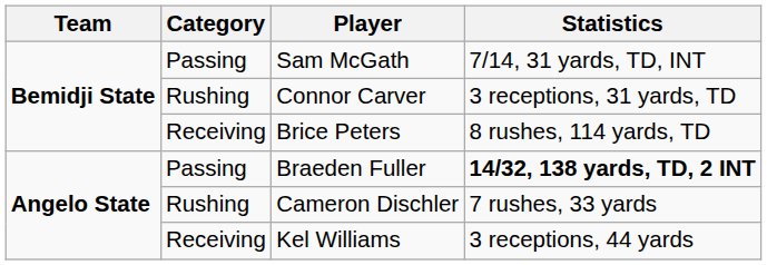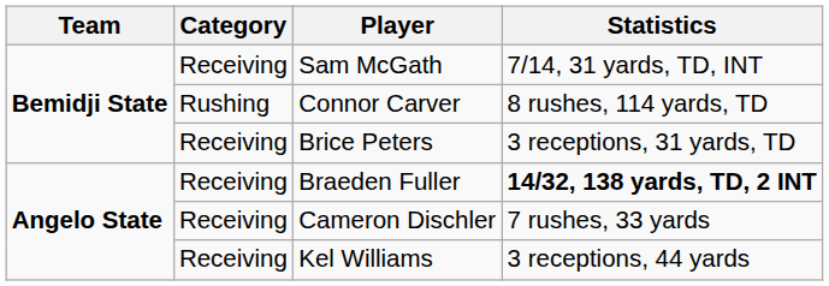 <table class="wikitable" style="float: right;">
 <tr>
 <th>Team</th>
 <th>Category</th>
 <th>Player</th>
 <th>Statistics</th>
 </tr>
 <tr>
 <td rowspan=3><strong>Bemidji State</strong></td>
-<td>Passing</td>
+<td>Receiving</td>
 <td>Sam McGath</td>
 <td>7/14, 31 yards, TD, INT</td>
 </tr>
 <tr>
 <td>Rushing</td>
 <td>Connor Carver</td>
-<td>3 receptions, 31 yards, TD</td>
+<td>8 rushes, 114 yards, TD</td>
 </tr>
 <tr>
 <td>Receiving</td>
 <td>Brice Peters</td>
-<td>8 rushes, 114 yards, TD</td>
+<td>3 receptions, 31 yards, TD</td>
 </tr>
 <tr>
 <td rowspan=3><strong>Angelo State</strong></td>
-<td>Passing</td>
+<td>Receiving</td>
 <td>Braeden Fuller</td>
 <td><strong>14/32, 138 yards, TD, 2 INT</strong></td>
 </tr>
 <tr>
-<td>Rushing</td>
+<td>Receiving</td>
 <td>Cameron Dischler</td>
 <td>7 rushes, 33 yards</td>
 </tr>
 <tr>
 <td>Receiving</td>
 <td>Kel Williams</td>
 <td>3 receptions, 44 yards</td>
 </tr>
 </table>
